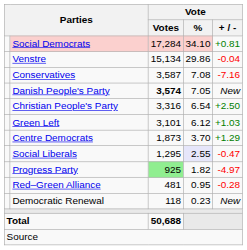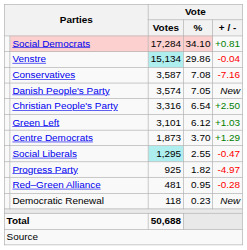 <table class="wikitable" style="text-align:right;">
 <tr>
 <th style="text-align:centre;" rowspan="2" colspan="2" width="225">Parties</th>
 <th colspan="3">Vote</th>
 </tr>
 <tr>
 <th width="15">Votes</th>
 <th width="15">%</th>
 <th width="15">+ / -</th>
 </tr>
 <tr>
 <td width="2" style="color:inherit;background:"></td>
 <td bgcolor=#fbd0ce  align="left"><a href='#'>Social Democrats</a></td>
 <td bgcolor=#fbd0ce>17,284</td>
 <td bgcolor=#fbd0ce>34.10</td>
 <td style=color:green;>+0.81</td>
 </tr>
 <tr>
 <td width="2" style="color:inherit;background:"></td>
 <td align="left"><a href='#'>Venstre</a></td>
-<td>15,134</td>
+<td style="background: paleturquoise;">15,134</td>
 <td>29.86</td>
 <td style=color:red;>-0.04</td>
 </tr>
 <tr>
 <td width="2" style="color:inherit;background:"></td>
 <td align="left"><a href='#'>Conservatives</a></td>
 <td>3,587</td>
 <td>7.08</td>
 <td style=color:red;>-7.16</td>
 </tr>
 <tr>
 <td width="2" style="color:inherit;background:"></td>
 <td align="left"><a href='#'>Danish People's Party</a></td>
-<td><strong>3,574</strong></td>
+<td>3,574</td>
 <td>7.05</td>
 <td><em>New</em></td>
 </tr>
 <tr>
 <td width="2" style="color:inherit;background:"></td>
 <td align="left"><a href='#'>Christian People's Party</a></td>
 <td>3,316</td>
 <td>6.54</td>
 <td style=color:green;>+2.50</td>
 </tr>
 <tr>
 <td width="2" style="color:inherit;background:"></td>
 <td align="left"><a href='#'>Green Left</a></td>
 <td>3,101</td>
 <td>6.12</td>
 <td style=color:green;>+1.03</td>
 </tr>
 <tr>
 <td width="2" style="color:inherit;background:"></td>
 <td align="left"><a href='#'>Centre Democrats</a></td>
 <td>1,873</td>
 <td>3.70</td>
 <td style=color:green;>+1.29</td>
 </tr>
 <tr>
 <td width="2" style="color:inherit;background:"></td>
 <td align="left"><a href='#'>Social Liberals</a></td>
-<td>1,295</td>
-<td style="background: lavender;">2.55</td>
+<td style="background: paleturquoise;">1,295</td>
+<td>2.55</td>
 <td style=color:red;>-0.47</td>
 </tr>
 <tr>
 <td width="2" style="color:inherit;background:"></td>
 <td align="left"><a href='#'>Progress Party</a></td>
-<td style="background: lightgreen;">925</td>
+<td>925</td>
 <td>1.82</td>
 <td style=color:red;>-4.97</td>
 </tr>
 <tr>
 <td width="2" style="color:inherit;background:"></td>
 <td align="left"><a href='#'>Red–Green Alliance</a></td>
 <td>481</td>
 <td>0.95</td>
 <td style=color:red;>-0.28</td>
 </tr>
 <tr>
 <td width="2" style="color:inherit;background:"></td>
 <td align="left">Democratic Renewal</td>
 <td>118</td>
 <td>0.23</td>
 <td><em>New</em></td>
 </tr>
 <tr>
 <td colspan="7" bgcolor="#E9E9E9"></td>
 </tr>
 <tr>
 <td align="left" colspan="2"><strong>Total</strong></td>
 <td><strong>50,688</strong></td>
 <td bgcolor="#E9E9E9" colspan="2"></td>
 </tr>
 <tr>
 <td align="left" colspan="6">Source</td>
 </tr>
 </table>
